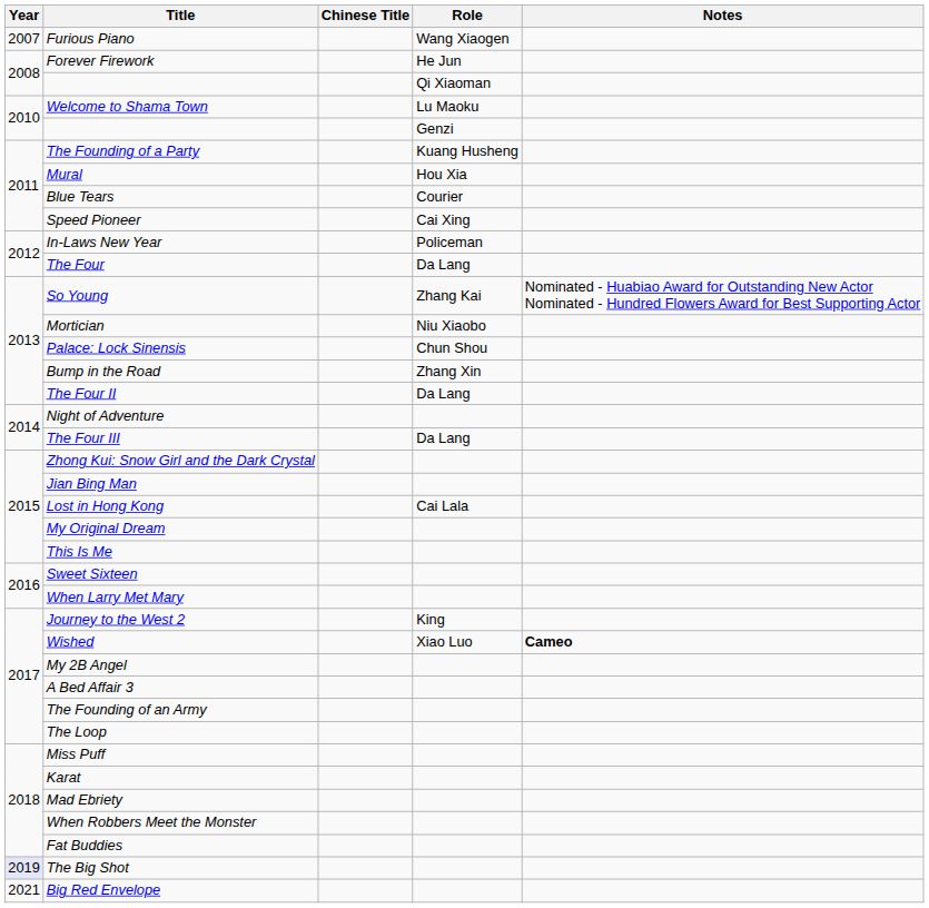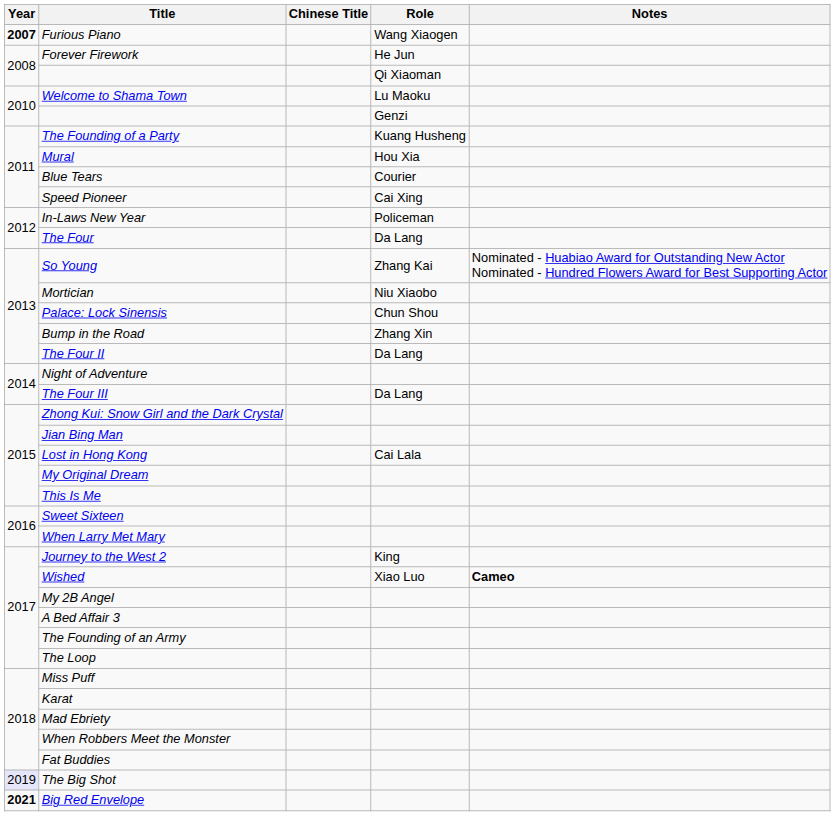 <table class="wikitable">
 <tr>
 <th>Year</th>
 <th>Title</th>
 <th>Chinese Title</th>
 <th>Role</th>
 <th>Notes</th>
 </tr>
 <tr>
-<td>2007</td>
+<td><strong>2007</strong></td>
 <td><em>Furious Piano</em></td>
 <td></td>
 <td>Wang Xiaogen</td>
 <td></td>
 </tr>
 <tr>
 <td rowspan="2">2008</td>
 <td><em>Forever Firework</em></td>
 <td></td>
 <td>He Jun</td>
 <td></td>
 </tr>
 <tr>
 <td></td>
 <td></td>
 <td>Qi Xiaoman</td>
 <td></td>
 </tr>
 <tr>
 <td rowspan="2">2010</td>
 <td><em><a href='#'>Welcome to Shama Town</a></em></td>
 <td></td>
 <td>Lu Maoku</td>
 <td></td>
 </tr>
 <tr>
 <td></td>
 <td></td>
 <td>Genzi</td>
 <td></td>
 </tr>
 <tr>
 <td rowspan="4">2011</td>
 <td><em><a href='#'>The Founding of a Party</a></em></td>
 <td></td>
 <td>Kuang Husheng</td>
 <td></td>
 </tr>
 <tr>
 <td><em><a href='#'>Mural</a></em></td>
 <td></td>
 <td>Hou Xia</td>
 <td></td>
 </tr>
 <tr>
 <td><em>Blue Tears</em></td>
 <td></td>
 <td>Courier</td>
 <td></td>
 </tr>
 <tr>
 <td><em>Speed Pioneer</em></td>
 <td></td>
 <td>Cai Xing</td>
 <td></td>
 </tr>
 <tr>
 <td rowspan="2">2012</td>
 <td><em>In-Laws New Year</em></td>
 <td></td>
 <td>Policeman</td>
 <td></td>
 </tr>
 <tr>
 <td><em><a href='#'>The Four</a></em></td>
 <td></td>
 <td>Da Lang</td>
 <td></td>
 </tr>
 <tr>
 <td rowspan="5">2013</td>
 <td><em><a href='#'>So Young</a></em></td>
 <td></td>
 <td>Zhang Kai</td>
 <td>Nominated - <a href='#'>Huabiao Award for Outstanding New Actor</a><br>Nominated - <a href='#'>Hundred Flowers Award for Best Supporting Actor</a></td>
 </tr>
 <tr>
 <td><em>Mortician</em></td>
 <td></td>
 <td>Niu Xiaobo</td>
 <td></td>
 </tr>
 <tr>
 <td><em><a href='#'>Palace: Lock Sinensis</a></em></td>
 <td></td>
 <td>Chun Shou</td>
 <td></td>
 </tr>
 <tr>
 <td><em>Bump in the Road</em></td>
 <td></td>
 <td>Zhang Xin</td>
 <td></td>
 </tr>
 <tr>
 <td><em><a href='#'>The Four II</a></em></td>
 <td></td>
 <td>Da Lang</td>
 <td></td>
 </tr>
 <tr>
 <td rowspan="2">2014</td>
 <td><em>Night of Adventure</em></td>
 <td></td>
 <td></td>
 <td></td>
 </tr>
 <tr>
 <td><em><a href='#'>The Four III</a></em></td>
 <td></td>
 <td>Da Lang</td>
 <td></td>
 </tr>
 <tr>
 <td rowspan=5>2015</td>
 <td><em><a href='#'>Zhong Kui: Snow Girl and the Dark Crystal</a></em></td>
 <td></td>
 <td></td>
 <td></td>
 </tr>
 <tr>
 <td><em><a href='#'>Jian Bing Man</a></em></td>
 <td></td>
 <td></td>
 <td></td>
 </tr>
 <tr>
 <td><em><a href='#'>Lost in Hong Kong</a></em></td>
 <td></td>
 <td>Cai Lala</td>
 <td></td>
 </tr>
 <tr>
 <td><em><a href='#'>My Original Dream</a></em></td>
 <td></td>
 <td></td>
 <td></td>
 </tr>
 <tr>
 <td><em><a href='#'>This Is Me</a></em></td>
 <td></td>
 <td></td>
 <td></td>
 </tr>
 <tr>
 <td rowspan=2>2016</td>
 <td><em><a href='#'>Sweet Sixteen</a></em></td>
 <td></td>
 <td></td>
 <td></td>
 </tr>
 <tr>
 <td><em><a href='#'>When Larry Met Mary</a></em></td>
 <td></td>
 <td></td>
 <td></td>
 </tr>
 <tr>
 <td rowspan=6>2017</td>
 <td><em><a href='#'>Journey to the West 2</a></em></td>
 <td></td>
 <td>King</td>
 <td></td>
 </tr>
 <tr>
 <td><em><a href='#'>Wished</a></em></td>
 <td></td>
 <td>Xiao Luo</td>
 <td><strong>Cameo</strong></td>
 </tr>
 <tr>
 <td><em>My 2B Angel</em></td>
 <td></td>
 <td></td>
 <td></td>
 </tr>
 <tr>
 <td><em>A Bed Affair 3</em></td>
 <td></td>
 <td></td>
 <td></td>
 </tr>
 <tr>
 <td><em>The Founding of an Army</em></td>
 <td></td>
 <td></td>
 <td></td>
 </tr>
 <tr>
 <td><em>The Loop</em></td>
 <td></td>
 <td></td>
 <td></td>
 </tr>
 <tr>
 <td rowspan=5>2018</td>
 <td><em>Miss Puff</em></td>
 <td></td>
 <td></td>
 <td></td>
 </tr>
 <tr>
 <td><em>Karat</em></td>
 <td></td>
 <td></td>
 <td></td>
 </tr>
 <tr>
 <td><em>Mad Ebriety</em></td>
 <td></td>
 <td></td>
 <td></td>
 </tr>
 <tr>
 <td><em>When Robbers Meet the Monster</em></td>
 <td></td>
 <td></td>
 <td></td>
 </tr>
 <tr>
 <td><em>Fat Buddies</em></td>
 <td></td>
 <td></td>
 <td></td>
 </tr>
 <tr>
 <td style="background: lavender;">2019</td>
 <td><em>The Big Shot</em></td>
 <td></td>
 <td></td>
 <td></td>
 </tr>
 <tr>
-<td>2021</td>
+<td><strong>2021</strong></td>
 <td><em><a href='#'>Big Red Envelope</a></em></td>
 <td></td>
 <td></td>
 <td></td>
 </tr>
 </table>
